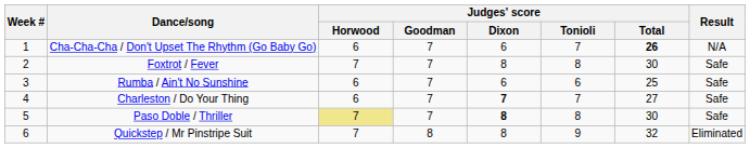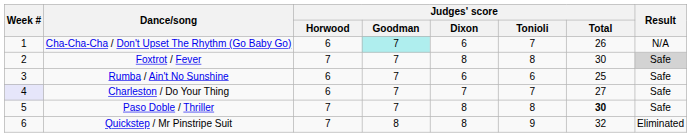 <table class="wikitable" style="text-align:center;">
 <tr>
 <th rowspan="2">Week #</th>
 <th rowspan="2">Dance/song</th>
 <th colspan="5">Judges' score</th>
 <th rowspan="2">Result</th>
 </tr>
 <tr>
 <th style="width:10%;">Horwood</th>
 <th style="width:10%;">Goodman</th>
 <th style="width:10%;">Dixon</th>
 <th style="width:10%;">Tonioli</th>
 <th style="width:10%;">Total</th>
 </tr>
 <tr>
 <td>1</td>
 <td><a href='#'>Cha-Cha-Cha</a> / <a href='#'>Don't Upset The Rhythm (Go Baby Go)</a></td>
 <td>6</td>
-<td>7</td>
+<td style="background: paleturquoise;">7</td>
 <td>6</td>
 <td>7</td>
-<td><strong>26</strong></td>
+<td>26</td>
 <td>N/A</td>
 </tr>
 <tr>
 <td>2</td>
 <td><a href='#'>Foxtrot</a> / <a href='#'>Fever</a></td>
 <td>7</td>
 <td>7</td>
 <td>8</td>
 <td>8</td>
 <td>30</td>
-<td>Safe</td>
+<td style="background: lightgrey;">Safe</td>
 </tr>
 <tr>
 <td>3</td>
 <td><a href='#'>Rumba</a> / <a href='#'>Ain't No Sunshine</a></td>
 <td>6</td>
 <td>7</td>
 <td>6</td>
 <td>6</td>
 <td>25</td>
 <td>Safe</td>
 </tr>
 <tr>
-<td>4</td>
+<td style="background: lavender;">4</td>
 <td><a href='#'>Charleston</a> / Do Your Thing</td>
 <td>6</td>
 <td>7</td>
-<td><strong>7</strong></td>
+<td>7</td>
 <td>7</td>
 <td>27</td>
 <td>Safe</td>
 </tr>
 <tr>
 <td>5</td>
 <td><a href='#'>Paso Doble</a> / <a href='#'>Thriller</a></td>
-<td style="background: khaki;">7</td>
 <td>7</td>
-<td><strong>8</strong></td>
+<td>7</td>
 <td>8</td>
-<td>30</td>
+<td>8</td>
+<td><strong>30</strong></td>
 <td>Safe</td>
 </tr>
 <tr>
 <td>6</td>
 <td><a href='#'>Quickstep</a> / Mr Pinstripe Suit</td>
 <td>7</td>
 <td>8</td>
 <td>8</td>
 <td>9</td>
 <td>32</td>
 <td>Eliminated</td>
 </tr>
 </table>
